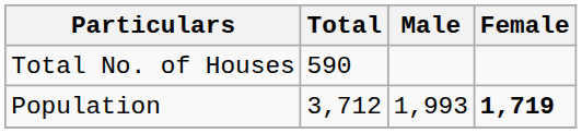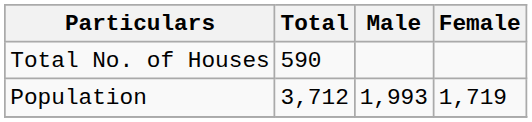 <table class="wikitable sortable">
 <tr>
 <th>Particulars</th>
 <th>Total</th>
 <th>Male</th>
 <th>Female</th>
 </tr>
 <tr>
 <td>Total No. of Houses</td>
 <td>590</td>
 <td></td>
 <td></td>
 </tr>
 <tr>
 <td>Population</td>
 <td>3,712</td>
 <td>1,993</td>
-<td><strong>1,719</strong></td>
+<td>1,719</td>
 </tr>
 <tr>
 </tr>
 </table>
